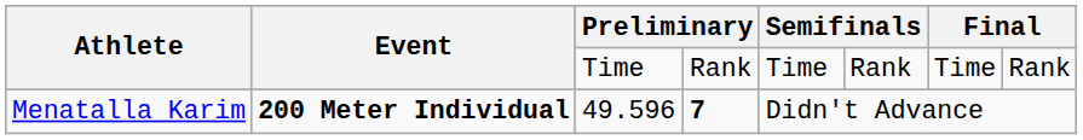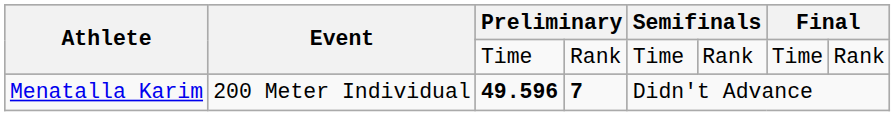 <table class="wikitable">
 <tr>
 <th rowspan="2">Athlete</th>
 <th rowspan="2">Event</th>
 <th colspan="2">Preliminary</th>
 <th colspan="2">Semifinals</th>
 <th colspan="2">Final</th>
 </tr>
 <tr>
 <td>Time</td>
 <td>Rank</td>
 <td>Time</td>
 <td>Rank</td>
 <td>Time</td>
 <td>Rank</td>
 </tr>
 <tr>
 <td><a href='#'>Menatalla Karim</a></td>
-<td><strong>200 Meter Individual</strong></td>
-<td>49.596</td>
+<td>200 Meter Individual</td>
+<td><strong>49.596</strong></td>
 <td><strong>7</strong></td>
 <td colspan="4">Didn't Advance</td>
 </tr>
 </table>
